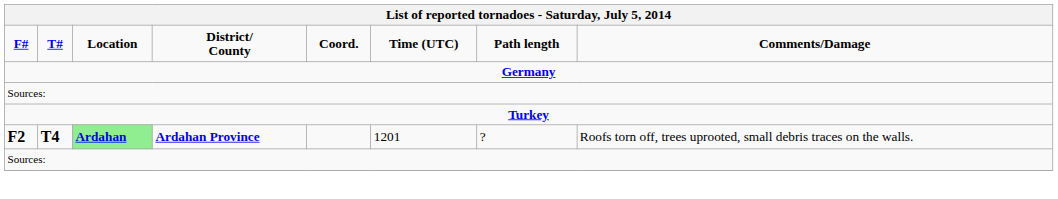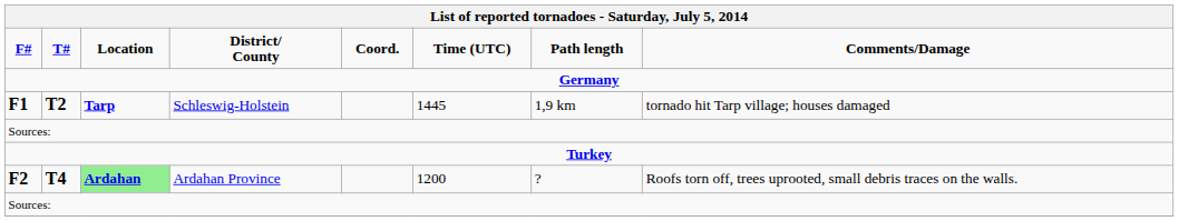 <table class="wikitable collapsible" width="100%">
 <tr>
 <th colspan="8">List of reported tornadoes - Saturday, July 5, 2014</th>
 </tr>
 <tr>
 <td style="text-align: center;"><strong><a href='#'>F#</a></strong></td>
 <td style="text-align: center;"><strong><a href='#'>T#</a></strong></td>
 <td style="text-align: center;"><strong>Location</strong></td>
 <td style="text-align: center;"><strong>District/<br>County</strong></td>
 <td style="text-align: center;"><strong>Coord.</strong></td>
 <td style="text-align: center;"><strong>Time (UTC)</strong></td>
 <td style="text-align: center;"><strong>Path length</strong></td>
 <td style="text-align: center;"><strong>Comments/Damage</strong></td>
 </tr>
 <tr>
 <td colspan="8" align=center><strong><a href='#'>Germany</a></strong></td>
 </tr>
 <tr>
+<td><big><strong>F1</strong></big></td>
+<td><big><strong>T2</strong></big></td>
+<td><strong><a href='#'>Tarp</a></strong></td>
+<td><a href='#'>Schleswig-Holstein</a></td>
+<td></td>
+<td>1445</td>
+<td>1,9 km</td>
+<td>tornado hit Tarp village; houses damaged</td>
+</tr>
+<tr>
 <td colspan="8"><small>Sources:</small></td>
 </tr>
 <tr>
 <td colspan="8" align=center><strong><a href='#'>Turkey</a></strong></td>
 </tr>
 <tr>
 <td><big><strong>F2</strong></big></td>
 <td><big><strong>T4</strong></big></td>
 <td style="background: lightgreen;"><strong><a href='#'>Ardahan</a></strong></td>
-<td><strong><a href='#'>Ardahan Province</a></strong></td>
+<td><a href='#'>Ardahan Province</a></td>
 <td></td>
-<td>1201</td>
+<td>1200</td>
 <td>?</td>
 <td>Roofs torn off, trees uprooted, small debris traces on the walls.</td>
 </tr>
 <tr>
 <td colspan="8"><small>Sources:</small></td>
 </tr>
 <tr>
 </tr>
 </table>
